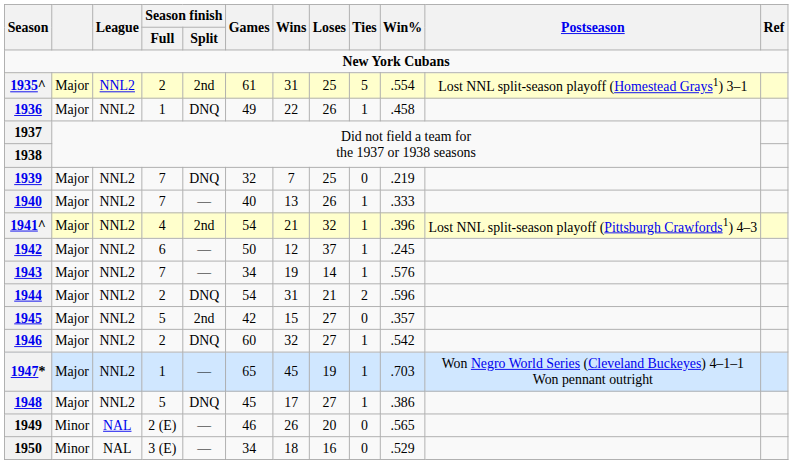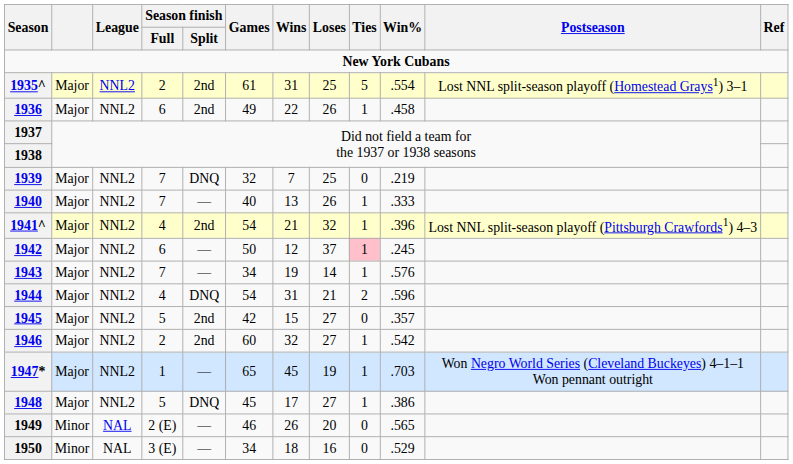 <table class="wikitable sortable" style="text-align:center; font-size:95%">
 <tr>
 <th rowspan="2">Season</th>
 <th rowspan="2"></th>
 <th rowspan="2">League</th>
 <th colspan="2">Season finish</th>
 <th rowspan="2">Games</th>
 <th rowspan="2">Wins</th>
 <th rowspan="2">Loses</th>
 <th rowspan="2">Ties</th>
 <th rowspan="2">Win%</th>
 <th rowspan="2"><a href='#'>Postseason</a></th>
 <th rowspan="2">Ref</th>
 </tr>
 <tr>
 <th>Full</th>
 <th>Split</th>
 </tr>
 <tr>
 <td align="center" colspan="12"><strong>New York Cubans</strong></td>
 </tr>
 <tr bgcolor="#FFFFCC">
 <th><a href='#'>1935</a>^</th>
 <td>Major</td>
 <td><a href='#'>NNL2</a></td>
 <td>2</td>
 <td>2nd</td>
 <td>61</td>
 <td>31</td>
 <td>25</td>
 <td>5</td>
 <td>.554</td>
 <td>Lost NNL split-season playoff (<a href='#'>Homestead Grays</a><sup>1</sup>) 3–1</td>
 <td></td>
 </tr>
 <tr>
 <th><a href='#'>1936</a></th>
 <td>Major</td>
 <td>NNL2</td>
-<td>1</td>
-<td>DNQ</td>
+<td>6</td>
+<td>2nd</td>
 <td>49</td>
 <td>22</td>
 <td>26</td>
 <td>1</td>
 <td>.458</td>
 <td></td>
 <td></td>
 </tr>
 <tr>
 <th>1937</th>
 <td colspan="10" rowspan="2">Did not field a team for<br>the 1937 or 1938 seasons</td>
 <td></td>
 </tr>
 <tr>
 <th>1938</th>
 <td></td>
 </tr>
 <tr>
 <th><a href='#'>1939</a></th>
 <td>Major</td>
 <td>NNL2</td>
 <td>7</td>
 <td>DNQ</td>
 <td>32</td>
 <td>7</td>
 <td>25</td>
 <td>0</td>
 <td>.219</td>
 <td></td>
 <td></td>
 </tr>
 <tr>
 <th><a href='#'>1940</a></th>
 <td>Major</td>
 <td>NNL2</td>
 <td>7</td>
 <td>—</td>
 <td>40</td>
 <td>13</td>
 <td>26</td>
 <td>1</td>
 <td>.333</td>
 <td></td>
 <td></td>
 </tr>
 <tr bgcolor="#FFFFCC">
 <th><a href='#'>1941</a>^</th>
 <td>Major</td>
 <td>NNL2</td>
 <td>4</td>
 <td>2nd</td>
 <td>54</td>
 <td>21</td>
 <td>32</td>
 <td>1</td>
 <td>.396</td>
 <td>Lost NNL split-season playoff (<a href='#'>Pittsburgh Crawfords</a><sup>1</sup>) 4–3</td>
 <td></td>
 </tr>
 <tr>
 <th><a href='#'>1942</a></th>
 <td>Major</td>
 <td>NNL2</td>
 <td>6</td>
 <td>—</td>
 <td>50</td>
 <td>12</td>
 <td>37</td>
-<td>1</td>
+<td style="background: pink;">1</td>
 <td>.245</td>
 <td></td>
 <td></td>
 </tr>
 <tr>
 <th><a href='#'>1943</a></th>
 <td>Major</td>
 <td>NNL2</td>
 <td>7</td>
 <td>—</td>
 <td>34</td>
 <td>19</td>
 <td>14</td>
 <td>1</td>
 <td>.576</td>
 <td></td>
 <td></td>
 </tr>
 <tr>
 <th><a href='#'>1944</a></th>
 <td>Major</td>
 <td>NNL2</td>
-<td>2</td>
+<td>4</td>
 <td>DNQ</td>
 <td>54</td>
 <td>31</td>
 <td>21</td>
 <td>2</td>
 <td>.596</td>
 <td></td>
 <td></td>
 </tr>
 <tr>
 <th><a href='#'>1945</a></th>
 <td>Major</td>
 <td>NNL2</td>
 <td>5</td>
 <td>2nd</td>
 <td>42</td>
 <td>15</td>
 <td>27</td>
 <td>0</td>
 <td>.357</td>
 <td></td>
 <td></td>
 </tr>
 <tr>
 <th><a href='#'>1946</a></th>
 <td>Major</td>
 <td>NNL2</td>
 <td>2</td>
-<td>DNQ</td>
+<td>2nd</td>
 <td>60</td>
 <td>32</td>
 <td>27</td>
 <td>1</td>
 <td>.542</td>
 <td></td>
 <td></td>
 </tr>
 <tr bgcolor="#D0E7FF">
 <th><a href='#'>1947</a>*</th>
 <td>Major</td>
 <td>NNL2</td>
 <td>1</td>
 <td>—</td>
 <td>65</td>
 <td>45</td>
 <td>19</td>
 <td>1</td>
 <td>.703</td>
 <td>Won <a href='#'>Negro World Series</a> (<a href='#'>Cleveland Buckeyes</a>) 4–1–1<br>Won pennant outright</td>
 <td></td>
 </tr>
 <tr>
 <th><a href='#'>1948</a></th>
 <td>Major</td>
 <td>NNL2</td>
 <td>5</td>
 <td>DNQ</td>
 <td>45</td>
 <td>17</td>
 <td>27</td>
 <td>1</td>
 <td>.386</td>
 <td></td>
 <td></td>
 </tr>
 <tr>
 <th>1949</th>
 <td>Minor</td>
 <td><a href='#'>NAL</a></td>
 <td>2 (E)</td>
 <td>—</td>
 <td>46</td>
 <td>26</td>
 <td>20</td>
 <td>0</td>
 <td>.565</td>
 <td></td>
 <td></td>
 </tr>
 <tr>
 <th>1950</th>
 <td>Minor</td>
 <td>NAL</td>
 <td>3 (E)</td>
 <td>—</td>
 <td>34</td>
 <td>18</td>
 <td>16</td>
 <td>0</td>
 <td>.529</td>
 <td></td>
 <td></td>
 </tr>
 </table>
